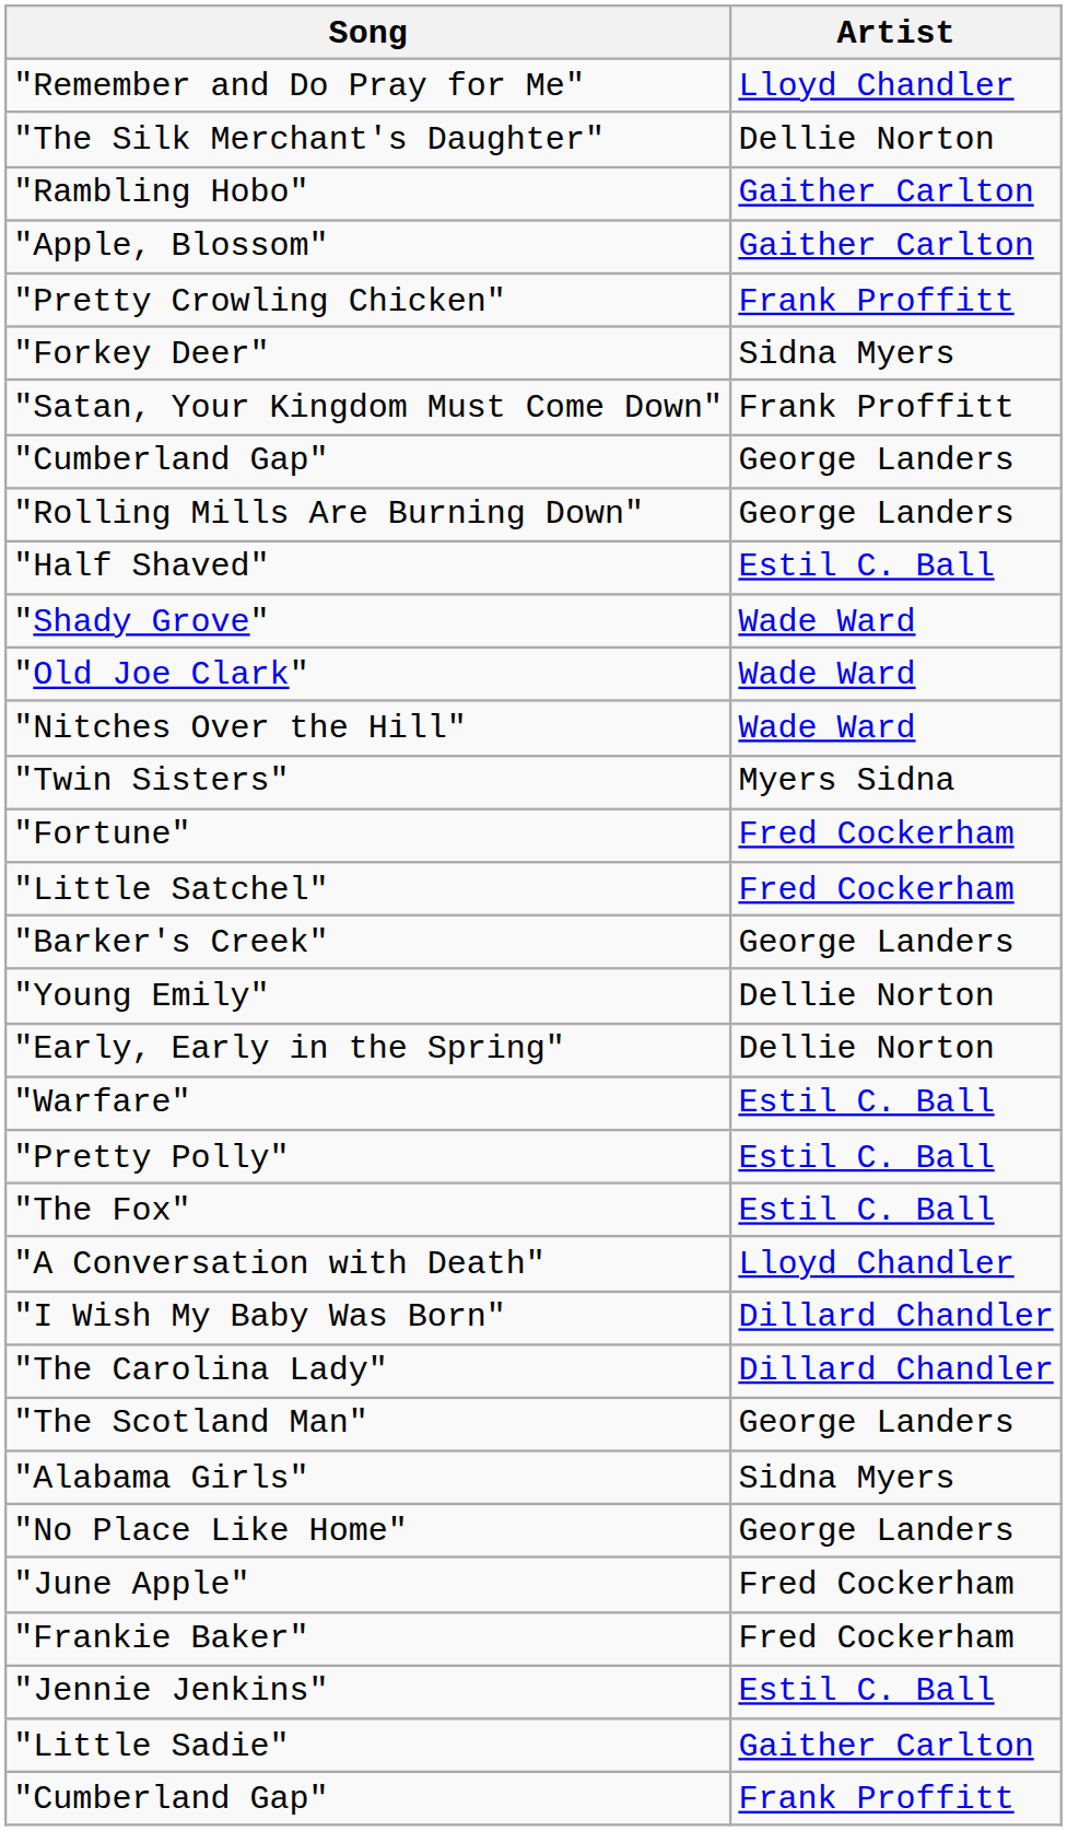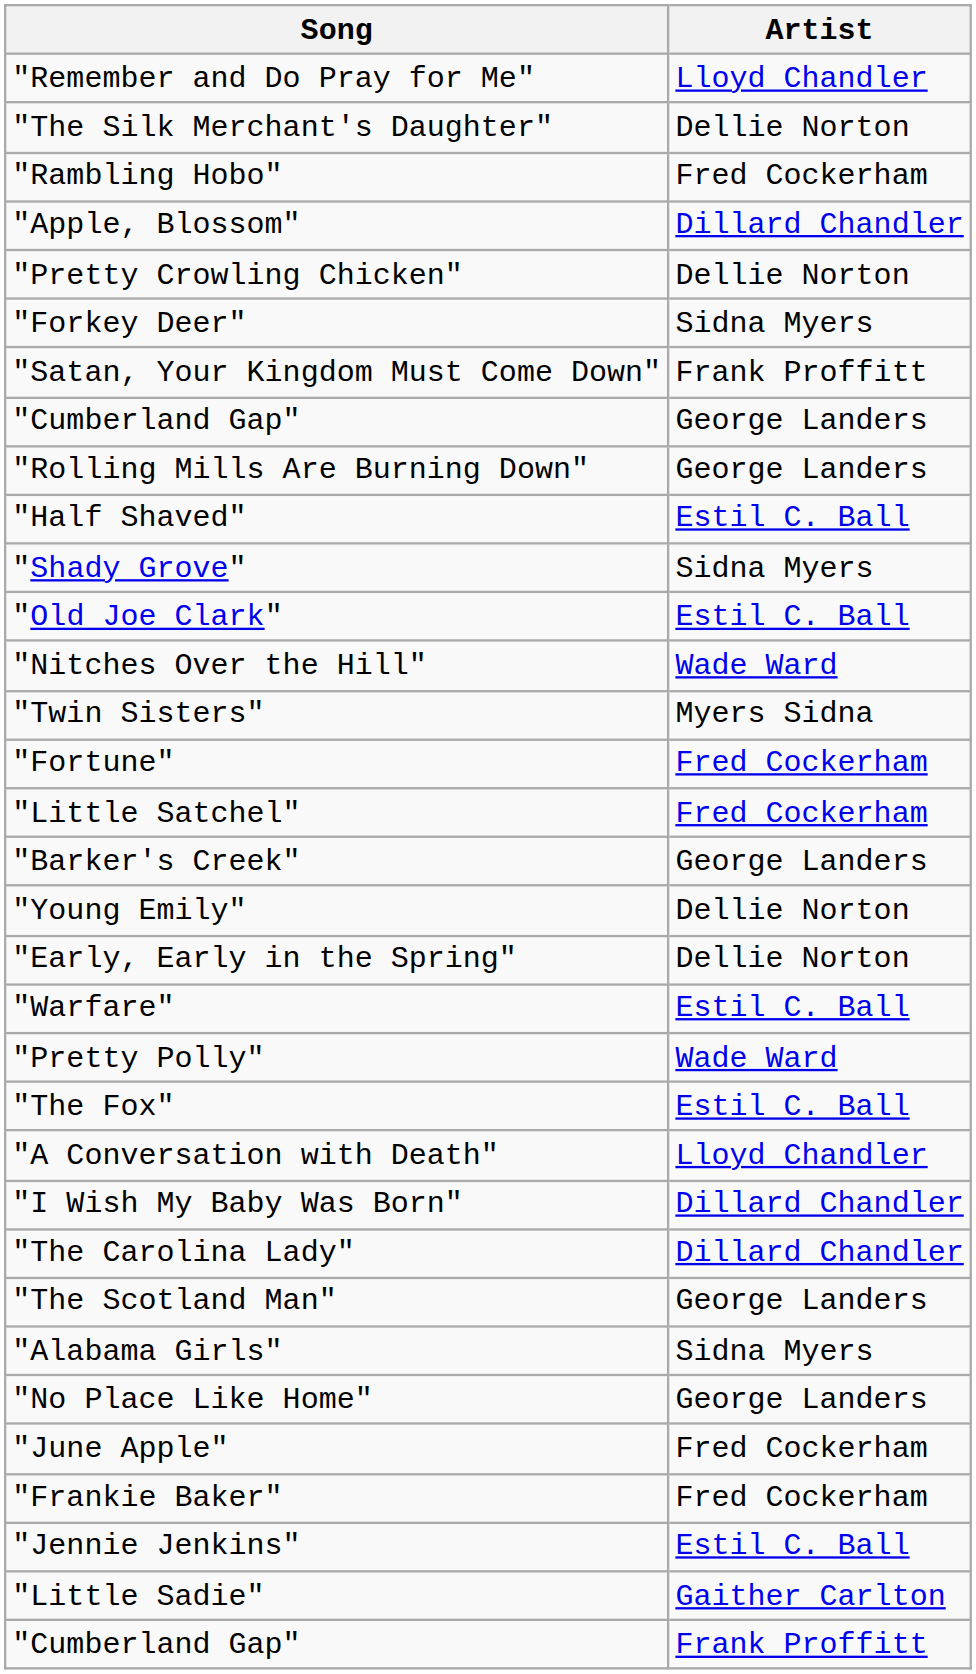 <table class="wikitable">
 <tr>
 <th>Song</th>
 <th>Artist</th>
 </tr>
 <tr>
 <td>"Remember and Do Pray for Me"</td>
 <td><a href='#'>Lloyd Chandler</a></td>
 </tr>
 <tr>
 <td>"The Silk Merchant's Daughter"</td>
 <td>Dellie Norton</td>
 </tr>
 <tr>
 <td>"Rambling Hobo"</td>
-<td><a href='#'>Gaither Carlton</a></td>
+<td>Fred Cockerham</td>
 </tr>
 <tr>
 <td>"Apple, Blossom"</td>
-<td><a href='#'>Gaither Carlton</a></td>
+<td><a href='#'>Dillard Chandler</a></td>
 </tr>
 <tr>
 <td>"Pretty Crowling Chicken"</td>
-<td><a href='#'>Frank Proffitt</a></td>
+<td>Dellie Norton</td>
 </tr>
 <tr>
 <td>"Forkey Deer"</td>
 <td>Sidna Myers</td>
 </tr>
 <tr>
 <td>"Satan, Your Kingdom Must Come Down"</td>
 <td>Frank Proffitt</td>
 </tr>
 <tr>
 <td>"Cumberland Gap"</td>
 <td>George Landers</td>
 </tr>
 <tr>
 <td>"Rolling Mills Are Burning Down"</td>
 <td>George Landers</td>
 </tr>
 <tr>
 <td>"Half Shaved"</td>
 <td><a href='#'>Estil C. Ball</a></td>
 </tr>
 <tr>
 <td>"<a href='#'>Shady Grove</a>"</td>
-<td><a href='#'>Wade Ward</a></td>
+<td>Sidna Myers</td>
 </tr>
 <tr>
 <td>"<a href='#'>Old Joe Clark</a>"</td>
-<td><a href='#'>Wade Ward</a></td>
+<td><a href='#'>Estil C. Ball</a></td>
 </tr>
 <tr>
 <td>"Nitches Over the Hill"</td>
 <td><a href='#'>Wade Ward</a></td>
 </tr>
 <tr>
 <td>"Twin Sisters"</td>
 <td>Myers Sidna</td>
 </tr>
 <tr>
 <td>"Fortune"</td>
 <td><a href='#'>Fred Cockerham</a></td>
 </tr>
 <tr>
 <td>"Little Satchel"</td>
 <td><a href='#'>Fred Cockerham</a></td>
 </tr>
 <tr>
 <td>"Barker's Creek"</td>
 <td>George Landers</td>
 </tr>
 <tr>
 <td>"Young Emily"</td>
 <td>Dellie Norton</td>
 </tr>
 <tr>
 <td>"Early, Early in the Spring"</td>
 <td>Dellie Norton</td>
 </tr>
 <tr>
 <td>"Warfare"</td>
 <td><a href='#'>Estil C. Ball</a></td>
 </tr>
 <tr>
 <td>"Pretty Polly"</td>
-<td><a href='#'>Estil C. Ball</a></td>
+<td><a href='#'>Wade Ward</a></td>
 </tr>
 <tr>
 <td>"The Fox"</td>
 <td><a href='#'>Estil C. Ball</a></td>
 </tr>
 <tr>
 <td>"A Conversation with Death"</td>
 <td><a href='#'>Lloyd Chandler</a></td>
 </tr>
 <tr>
 <td>"I Wish My Baby Was Born"</td>
 <td><a href='#'>Dillard Chandler</a></td>
 </tr>
 <tr>
 <td>"The Carolina Lady"</td>
 <td><a href='#'>Dillard Chandler</a></td>
 </tr>
 <tr>
 <td>"The Scotland Man"</td>
 <td>George Landers</td>
 </tr>
 <tr>
 <td>"Alabama Girls"</td>
 <td>Sidna Myers</td>
 </tr>
 <tr>
 <td>"No Place Like Home"</td>
 <td>George Landers</td>
 </tr>
 <tr>
 <td>"June Apple"</td>
 <td>Fred Cockerham</td>
 </tr>
 <tr>
 <td>"Frankie Baker"</td>
 <td>Fred Cockerham</td>
 </tr>
 <tr>
 <td>"Jennie Jenkins"</td>
 <td><a href='#'>Estil C. Ball</a></td>
 </tr>
 <tr>
 <td>"Little Sadie"</td>
 <td><a href='#'>Gaither Carlton</a></td>
 </tr>
 <tr>
 <td>"Cumberland Gap"</td>
 <td><a href='#'>Frank Proffitt</a></td>
 </tr>
 </table>
